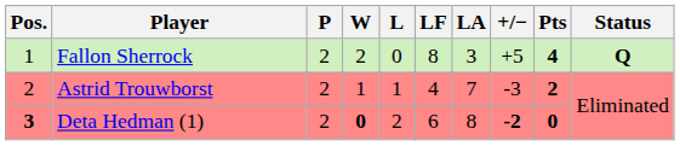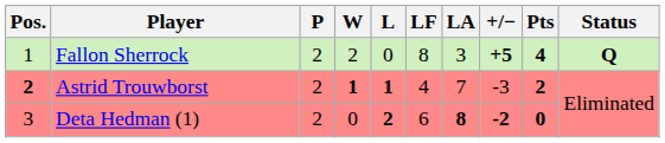 <table class="wikitable" style="text-align:center; margin: 1em auto 1em auto, align:left">
 <tr>
 <th width=20>Pos.</th>
 <th width=185>Player</th>
 <th width=20>P</th>
 <th width=20>W</th>
 <th width=20>L</th>
 <th width=20>LF</th>
 <th width=20>LA</th>
 <th width=25>+/−</th>
 <th width=20>Pts</th>
 <th width=70>Status</th>
 </tr>
 <tr style="background:#D0F0C0;">
 <td>1</td>
 <td align=left> <a href='#'>Fallon Sherrock</a></td>
 <td>2</td>
 <td>2</td>
 <td>0</td>
 <td>8</td>
 <td>3</td>
-<td>+5</td>
+<td><strong>+5</strong></td>
 <td><strong>4</strong></td>
 <td rowspan=1><strong>Q</strong></td>
 </tr>
 <tr style="background:#FF8888;">
-<td>2</td>
+<td><strong>2</strong></td>
 <td align=left> <a href='#'>Astrid Trouwborst</a></td>
 <td>2</td>
-<td>1</td>
-<td>1</td>
+<td><strong>1</strong></td>
+<td><strong>1</strong></td>
 <td>4</td>
 <td>7</td>
 <td>-3</td>
 <td><strong>2</strong></td>
 <td rowspan=2>Eliminated</td>
 </tr>
 <tr style="background:#FF8888;">
-<td><strong>3</strong></td>
+<td>3</td>
 <td align=left> <a href='#'>Deta Hedman</a> (1)</td>
 <td>2</td>
-<td><strong>0</strong></td>
-<td>2</td>
+<td>0</td>
+<td><strong>2</strong></td>
 <td>6</td>
-<td>8</td>
+<td><strong>8</strong></td>
 <td><strong>-2</strong></td>
 <td><strong>0</strong></td>
 </tr>
 </table>
